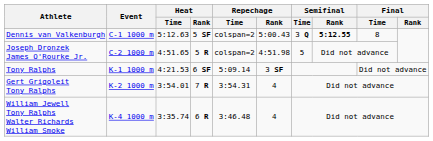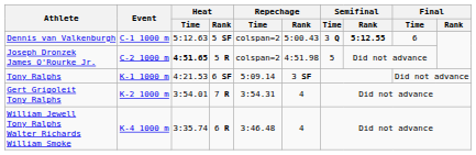 <table class=wikitable style=font-size:90%;text-align:center>
 <tr>
 <th rowspan=2>Athlete</th>
 <th rowspan=2>Event</th>
 <th colspan=2>Heat</th>
 <th colspan=2>Repechage</th>
 <th colspan=2>Semifinal</th>
 <th colspan=2>Final</th>
 </tr>
 <tr style=font-size:95%>
 <th>Time</th>
 <th>Rank</th>
 <th>Time</th>
 <th>Rank</th>
 <th>Time</th>
 <th>Rank</th>
 <th>Time</th>
 <th>Rank</th>
 </tr>
 <tr>
 <td align=left><a href='#'>Dennis van Valkenburgh</a></td>
 <td align=left><a href='#'>C-1 1000 m</a></td>
 <td>5:12.63</td>
 <td>5 <strong>SF</strong></td>
 <td>colspan=2 </td>
 <td>5:00.43</td>
 <td>3 <strong>Q</strong></td>
 <td><strong>5:12.55</strong></td>
-<td>8</td>
+<td>6</td>
 </tr>
 <tr>
 <td align=left><a href='#'>Joseph Dronzek</a><br><a href='#'>James O'Rourke Jr.</a></td>
 <td align=left><a href='#'>C-2 1000 m</a></td>
-<td>4:51.65</td>
+<td><strong>4:51.65</strong></td>
 <td>5 <strong>R</strong></td>
 <td>colspan=2 </td>
 <td>4:51.98</td>
 <td>5</td>
 <td colspan=2>Did not advance</td>
 </tr>
 <tr>
 <td align=left><a href='#'>Tony Ralphs</a></td>
 <td align=left><a href='#'>K-1 1000 m</a></td>
 <td>4:21.53</td>
 <td>6 <strong>SF</strong></td>
 <td>5:09.14</td>
 <td>3 <strong>SF</strong></td>
 <td colspan=2></td>
 <td colspan=2>Did not advance</td>
 </tr>
 <tr>
 <td align=left><a href='#'>Gert Grigoleit</a><br><a href='#'>Tony Ralphs</a></td>
 <td align=left><a href='#'>K-2 1000 m</a></td>
 <td>3:54.01</td>
 <td>7 <strong>R</strong></td>
 <td>3:54.31</td>
 <td>4</td>
 <td colspan=4>Did not advance</td>
 </tr>
 <tr>
 <td align=left><a href='#'>William Jewell</a><br><a href='#'>Tony Ralphs</a><br><a href='#'>Walter Richards</a><br><a href='#'>William Smoke</a></td>
 <td align=left><a href='#'>K-4 1000 m</a></td>
 <td>3:35.74</td>
 <td>6 <strong>R</strong></td>
 <td>3:46.48</td>
 <td>4</td>
 <td colspan=4>Did not advance</td>
 </tr>
 </table>
